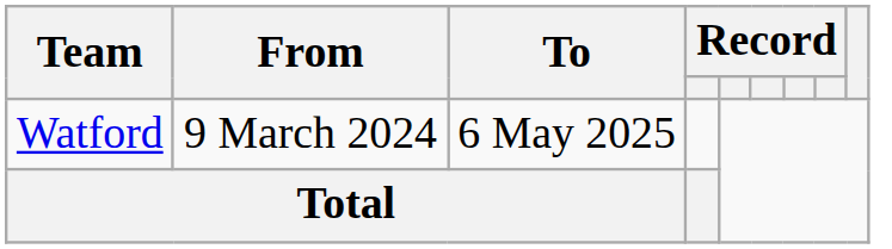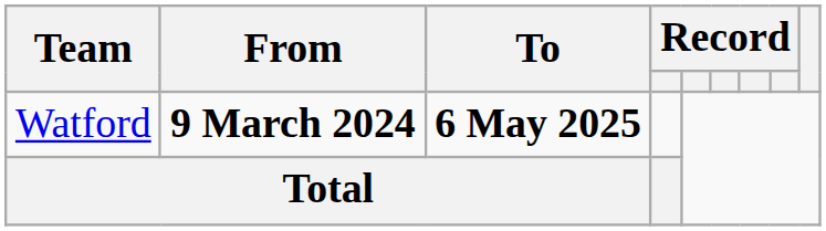 <table class=wikitable style="text-align: center">
 <tr>
 <th rowspan=2>Team</th>
 <th rowspan=2>From</th>
 <th rowspan=2>To</th>
 <th colspan=5>Record</th>
 <th rowspan=2></th>
 </tr>
 <tr>
 <th></th>
 <th></th>
 <th></th>
 <th></th>
 <th></th>
 </tr>
 <tr>
 <td align=left><a href='#'>Watford</a></td>
-<td align=left>9 March 2024</td>
-<td align=left>6 May 2025<br></td>
+<td align=left><strong>9 March 2024</strong></td>
+<td align=left><strong>6 May 2025<br></strong></td>
 <td></td>
 </tr>
 <tr>
 <th colspan=3>Total<br></th>
 <th></th>
 </tr>
 </table>
